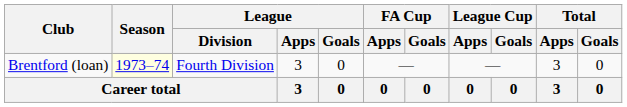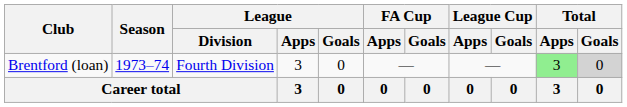 <table class="wikitable" style="text-align: center;">
 <tr>
 <th rowspan="2">Club</th>
 <th rowspan="2">Season</th>
 <th colspan="3">League</th>
 <th colspan="2">FA Cup</th>
 <th colspan="2">League Cup</th>
 <th colspan="2">Total</th>
 </tr>
 <tr>
 <th>Division</th>
 <th>Apps</th>
 <th>Goals</th>
 <th>Apps</th>
 <th>Goals</th>
 <th>Apps</th>
 <th>Goals</th>
 <th>Apps</th>
 <th>Goals</th>
 </tr>
 <tr>
 <td><a href='#'>Brentford</a> (loan)</td>
-<td style="background: lightyellow;"><a href='#'>1973–74</a></td>
+<td><a href='#'>1973–74</a></td>
 <td><a href='#'>Fourth Division</a></td>
 <td>3</td>
 <td>0</td>
 <td colspan="2">—</td>
 <td colspan="2">—</td>
-<td>3</td>
-<td>0</td>
+<td style="background: lightgreen;">3</td>
+<td style="background: lightgrey;">0</td>
 </tr>
 <tr>
 <th colspan="3">Career total</th>
 <th>3</th>
 <th>0</th>
 <th>0</th>
 <th>0</th>
 <th>0</th>
 <th>0</th>
 <th>3</th>
 <th>0</th>
 </tr>
 </table>
